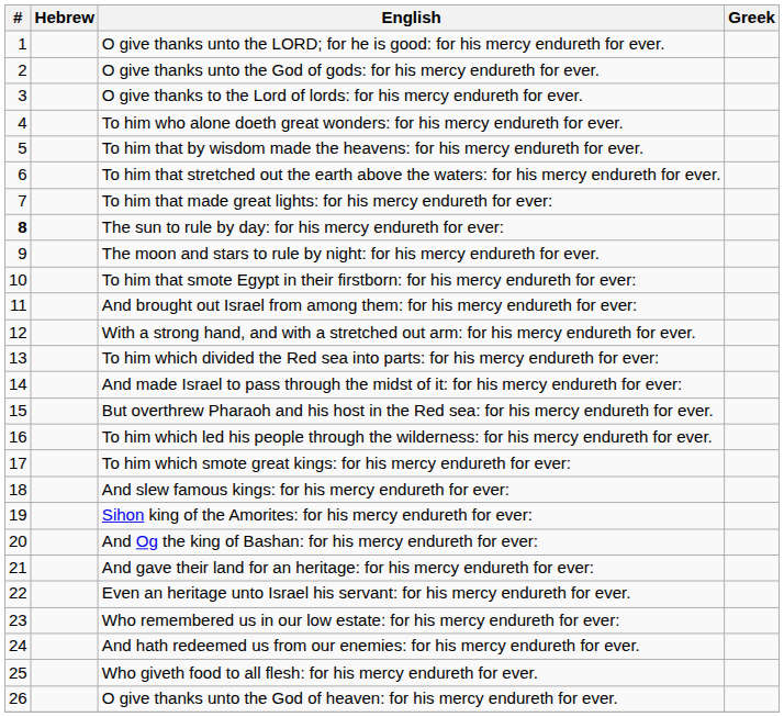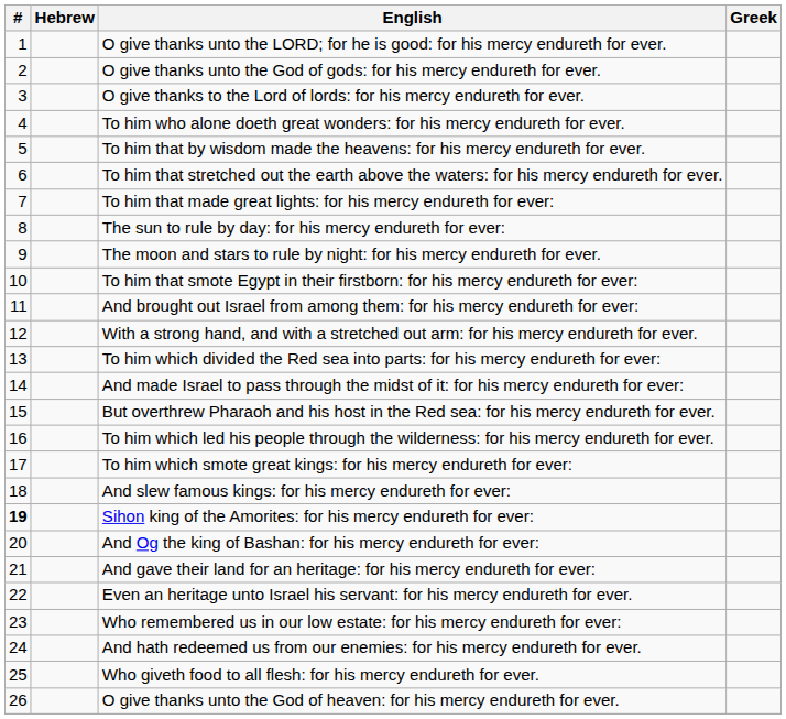 <table class=wikitable>
 <tr>
 <th>#</th>
 <th>Hebrew</th>
 <th>English</th>
 <th>Greek</th>
 </tr>
 <tr>
 <td style="text-align:right">1</td>
 <td style="text-align:right"></td>
 <td>O give thanks unto the LORD; for he is good: for his mercy endureth for ever.</td>
 <td></td>
 </tr>
 <tr>
 <td style="text-align:right">2</td>
 <td style="text-align:right"></td>
 <td>O give thanks unto the God of gods: for his mercy endureth for ever.</td>
 <td></td>
 </tr>
 <tr>
 <td style="text-align:right">3</td>
 <td style="text-align:right"></td>
 <td>O give thanks to the Lord of lords: for his mercy endureth for ever.</td>
 <td></td>
 </tr>
 <tr>
 <td style="text-align:right">4</td>
 <td style="text-align:right"></td>
 <td>To him who alone doeth great wonders: for his mercy endureth for ever.</td>
 <td></td>
 </tr>
 <tr>
 <td style="text-align:right">5</td>
 <td style="text-align:right"></td>
 <td>To him that by wisdom made the heavens: for his mercy endureth for ever.</td>
 <td></td>
 </tr>
 <tr>
 <td style="text-align:right">6</td>
 <td style="text-align:right"></td>
 <td>To him that stretched out the earth above the waters: for his mercy endureth for ever.</td>
 <td></td>
 </tr>
 <tr>
 <td style="text-align:right">7</td>
 <td style="text-align:right"></td>
 <td>To him that made great lights: for his mercy endureth for ever:</td>
 <td></td>
 </tr>
 <tr>
-<td style="text-align:right"><strong>8</strong></td>
+<td style="text-align:right">8</td>
 <td style="text-align:right"></td>
 <td>The sun to rule by day: for his mercy endureth for ever:</td>
 <td></td>
 </tr>
 <tr>
 <td style="text-align:right">9</td>
 <td style="text-align:right"></td>
 <td>The moon and stars to rule by night: for his mercy endureth for ever.</td>
 <td></td>
 </tr>
 <tr>
 <td style="text-align:right">10</td>
 <td style="text-align:right"></td>
 <td>To him that smote Egypt in their firstborn: for his mercy endureth for ever:</td>
 <td></td>
 </tr>
 <tr>
 <td style="text-align:right">11</td>
 <td style="text-align:right"></td>
 <td>And brought out Israel from among them: for his mercy endureth for ever:</td>
 <td></td>
 </tr>
 <tr>
 <td style="text-align:right">12</td>
 <td style="text-align:right"></td>
 <td>With a strong hand, and with a stretched out arm: for his mercy endureth for ever.</td>
 <td></td>
 </tr>
 <tr>
 <td style="text-align:right">13</td>
 <td style="text-align:right"></td>
 <td>To him which divided the Red sea into parts: for his mercy endureth for ever:</td>
 <td></td>
 </tr>
 <tr>
 <td style="text-align:right">14</td>
 <td style="text-align:right"></td>
 <td>And made Israel to pass through the midst of it: for his mercy endureth for ever:</td>
 <td></td>
 </tr>
 <tr>
 <td style="text-align:right">15</td>
 <td style="text-align:right"></td>
 <td>But overthrew Pharaoh and his host in the Red sea: for his mercy endureth for ever.</td>
 <td></td>
 </tr>
 <tr>
 <td style="text-align:right">16</td>
 <td style="text-align:right"></td>
 <td>To him which led his people through the wilderness: for his mercy endureth for ever.</td>
 <td></td>
 </tr>
 <tr>
 <td style="text-align:right">17</td>
 <td style="text-align:right"></td>
 <td>To him which smote great kings: for his mercy endureth for ever:</td>
 <td></td>
 </tr>
 <tr>
 <td style="text-align:right">18</td>
 <td style="text-align:right"></td>
 <td>And slew famous kings: for his mercy endureth for ever:</td>
 <td></td>
 </tr>
 <tr>
-<td style="text-align:right">19</td>
+<td style="text-align:right"><strong>19</strong></td>
 <td style="text-align:right"></td>
 <td><a href='#'>Sihon</a> king of the Amorites: for his mercy endureth for ever:</td>
 <td></td>
 </tr>
 <tr>
 <td style="text-align:right">20</td>
 <td style="text-align:right"></td>
 <td>And <a href='#'>Og</a> the king of Bashan: for his mercy endureth for ever:</td>
 <td></td>
 </tr>
 <tr>
 <td style="text-align:right">21</td>
 <td style="text-align:right"></td>
 <td>And gave their land for an heritage: for his mercy endureth for ever:</td>
 <td></td>
 </tr>
 <tr>
 <td style="text-align:right">22</td>
 <td style="text-align:right"></td>
 <td>Even an heritage unto Israel his servant: for his mercy endureth for ever.</td>
 <td></td>
 </tr>
 <tr>
 <td style="text-align:right">23</td>
 <td style="text-align:right"></td>
 <td>Who remembered us in our low estate: for his mercy endureth for ever:</td>
 <td></td>
 </tr>
 <tr>
 <td style="text-align:right">24</td>
 <td style="text-align:right"></td>
 <td>And hath redeemed us from our enemies: for his mercy endureth for ever.</td>
 <td></td>
 </tr>
 <tr>
 <td style="text-align:right">25</td>
 <td style="text-align:right"></td>
 <td>Who giveth food to all flesh: for his mercy endureth for ever.</td>
 <td></td>
 </tr>
 <tr>
 <td style="text-align:right">26</td>
 <td style="text-align:right"></td>
 <td>O give thanks unto the God of heaven: for his mercy endureth for ever.</td>
 <td></td>
 </tr>
 <tr>
 </tr>
 </table>
